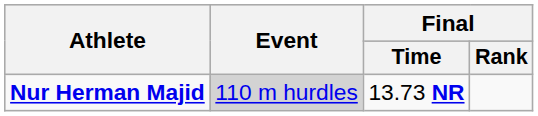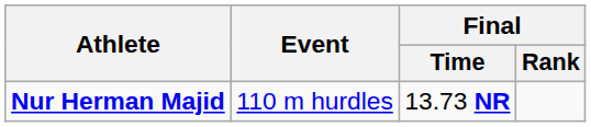 <table class="wikitable" style="font-size:90%">
 <tr>
 <th rowspan="2">Athlete</th>
 <th rowspan="2">Event</th>
 <th colspan="2">Final</th>
 </tr>
 <tr style="font-size:95%">
 <th>Time</th>
 <th>Rank</th>
 </tr>
 <tr align=center>
 <td align=left><strong><a href='#'>Nur Herman Majid</a></strong></td>
-<td align=left style="background: lightgrey;"><a href='#'>110 m hurdles</a></td>
+<td align=left><a href='#'>110 m hurdles</a></td>
 <td>13.73 <strong><a href='#'>NR</a></strong></td>
 <td></td>
 </tr>
 </table>
